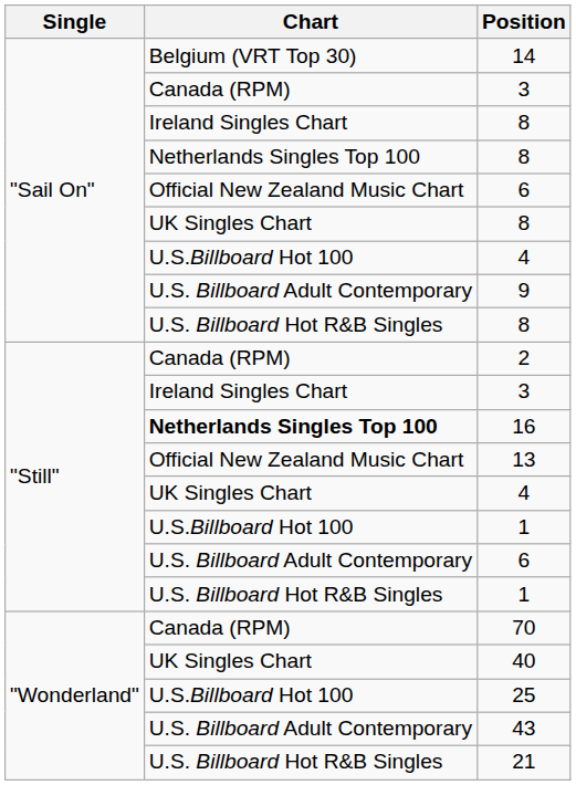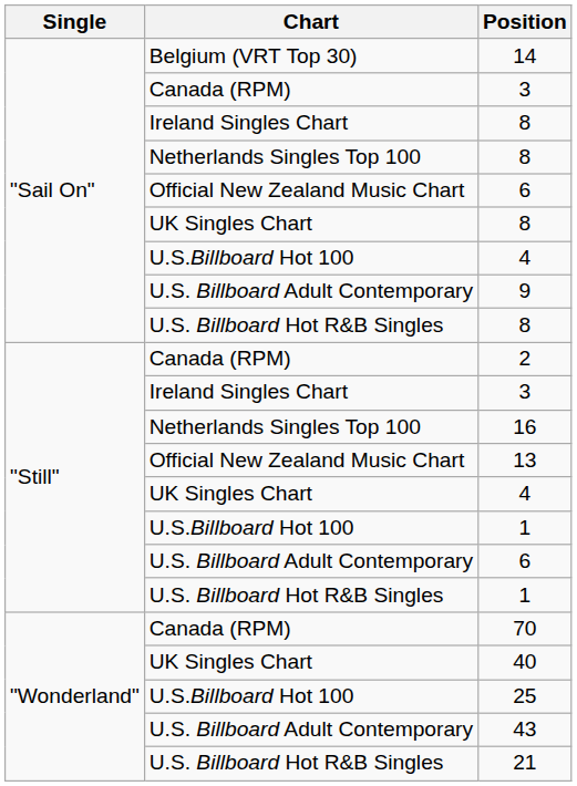 <table class="wikitable">
 <tr>
 <th>Single</th>
 <th>Chart</th>
 <th>Position</th>
 </tr>
 <tr>
 <td rowspan=9>"Sail On"</td>
 <td>Belgium (VRT Top 30)</td>
 <td align="center">14</td>
 </tr>
 <tr>
 <td>Canada (RPM)<br></td>
 <td align="center">3</td>
 </tr>
 <tr>
 <td>Ireland Singles Chart<br></td>
 <td align="center">8</td>
 </tr>
 <tr>
 <td>Netherlands Singles Top 100</td>
 <td align="center">8</td>
 </tr>
 <tr>
 <td>Official New Zealand Music Chart</td>
 <td align="center">6</td>
 </tr>
 <tr>
 <td>UK Singles Chart</td>
 <td align="center">8</td>
 </tr>
 <tr>
 <td>U.S.<em>Billboard</em> Hot 100</td>
 <td align="center">4</td>
 </tr>
 <tr>
 <td>U.S. <em>Billboard</em> Adult Contemporary</td>
 <td align="center">9</td>
 </tr>
 <tr>
 <td>U.S. <em> Billboard</em> Hot R&B Singles</td>
 <td align="center">8</td>
 </tr>
 <tr>
 <td rowspan=8>"Still"</td>
 <td>Canada (RPM)</td>
 <td align="center">2</td>
 </tr>
 <tr>
 <td>Ireland Singles Chart</td>
 <td align="center">3</td>
 </tr>
 <tr>
-<td><strong>Netherlands Singles Top 100</strong></td>
+<td>Netherlands Singles Top 100</td>
 <td align="center">16</td>
 </tr>
 <tr>
 <td>Official New Zealand Music Chart</td>
 <td align="center">13</td>
 </tr>
 <tr>
 <td>UK Singles Chart</td>
 <td align="center">4</td>
 </tr>
 <tr>
 <td>U.S.<em>Billboard</em> Hot 100</td>
 <td align="center">1</td>
 </tr>
 <tr>
 <td>U.S. <em>Billboard</em> Adult Contemporary</td>
 <td align="center">6</td>
 </tr>
 <tr>
 <td>U.S. <em> Billboard</em> Hot R&B Singles</td>
 <td align="center">1</td>
 </tr>
 <tr>
 <td rowspan=5>"Wonderland"</td>
 <td>Canada (RPM)</td>
 <td align="center">70</td>
 </tr>
 <tr>
 <td>UK Singles Chart</td>
 <td align="center">40</td>
 </tr>
 <tr>
 <td>U.S.<em>Billboard</em> Hot 100</td>
 <td align="center">25</td>
 </tr>
 <tr>
 <td>U.S. <em>Billboard</em> Adult Contemporary</td>
 <td align="center">43</td>
 </tr>
 <tr>
 <td>U.S. <em> Billboard</em> Hot R&B Singles</td>
 <td align="center">21</td>
 </tr>
 </table>
